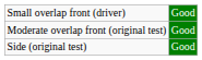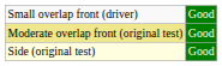 <table class="wikitable">
 <tr>
 <td>Small overlap front (driver)</td>
 <td colspan="3" style="text-align:center;color:white;background:green">Good</td>
 </tr>
 <tr>
-<td>Moderate overlap front (original test)</td>
+<td style="background: khaki;">Moderate overlap front (original test)</td>
 <td colspan="3" style="text-align:center;color:white;background:green">Good</td>
 </tr>
 <tr>
-<td>Side (original test)</td>
+<td style="background: lightyellow;">Side (original test)</td>
 <td colspan="3" style="text-align:center;color:white;background:green">Good</td>
 </tr>
 </table>
